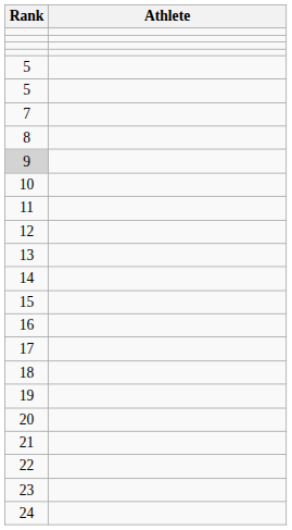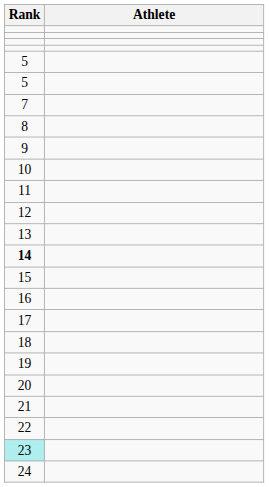 <table class="wikitable" style="text-align: center;">
 <tr>
 <th width=40>Rank</th>
 <th width=250>Athlete</th>
 </tr>
 <tr>
 <td></td>
 <td align="left"></td>
 </tr>
 <tr>
 <td></td>
 <td align="left"></td>
 </tr>
 <tr>
 <td></td>
 <td align="left"></td>
 </tr>
 <tr>
 <td></td>
 <td align="left"></td>
 </tr>
 <tr>
 <td>5</td>
 <td align="left"></td>
 </tr>
 <tr>
 <td>5</td>
 <td align="left"></td>
 </tr>
 <tr>
 <td>7</td>
 <td align="left"></td>
 </tr>
 <tr>
 <td>8</td>
 <td align="left"></td>
 </tr>
 <tr>
-<td style="background: lightgrey;">9</td>
+<td>9</td>
 <td align="left"></td>
 </tr>
 <tr>
 <td>10</td>
 <td align="left"></td>
 </tr>
 <tr>
 <td>11</td>
 <td align="left"></td>
 </tr>
 <tr>
 <td>12</td>
 <td align="left"></td>
 </tr>
 <tr>
 <td>13</td>
 <td align="left"></td>
 </tr>
 <tr>
-<td>14</td>
+<td><strong>14</strong></td>
 <td align="left"></td>
 </tr>
 <tr>
 <td>15</td>
 <td align="left"></td>
 </tr>
 <tr>
 <td>16</td>
 <td align="left"></td>
 </tr>
 <tr>
 <td>17</td>
 <td align="left"></td>
 </tr>
 <tr>
 <td>18</td>
 <td align="left"></td>
 </tr>
 <tr>
 <td>19</td>
 <td align="left"></td>
 </tr>
 <tr>
 <td>20</td>
 <td align="left"></td>
 </tr>
 <tr>
 <td>21</td>
 <td align="left"></td>
 </tr>
 <tr>
 <td>22</td>
 <td align="left"></td>
 </tr>
 <tr>
-<td>23</td>
+<td style="background: paleturquoise;">23</td>
 <td align="left"></td>
 </tr>
 <tr>
 <td>24</td>
 <td align="left"></td>
 </tr>
 </table>
